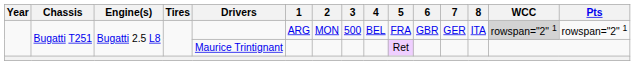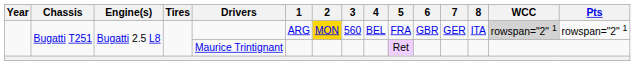 <table class="wikitable" style="text-align:center; font-size:85%;">
 <tr>
 <th>Year</th>
 <th>Chassis</th>
 <th>Engine(s)</th>
 <th>Tires</th>
 <th>Drivers</th>
 <th>1</th>
 <th>2</th>
 <th>3</th>
 <th>4</th>
 <th>5</th>
 <th>6</th>
 <th>7</th>
 <th>8</th>
 <th>WCC</th>
 <th><a href='#'>Pts</a></th>
 </tr>
 <tr>
 <td rowspan=2></td>
 <td rowspan=2><a href='#'>Bugatti</a> <a href='#'>T251</a></td>
 <td rowspan=2><a href='#'>Bugatti</a> 2.5 <a href='#'>L8</a></td>
 <td rowspan=2></td>
 <td></td>
 <td><a href='#'>ARG</a></td>
-<td><a href='#'>MON</a></td>
-<td><a href='#'>500</a></td>
+<td style="background: gold;"><a href='#'>MON</a></td>
+<td><a href='#'>560</a></td>
 <td><a href='#'>BEL</a></td>
 <td><a href='#'>FRA</a></td>
 <td><a href='#'>GBR</a></td>
 <td><a href='#'>GER</a></td>
 <td><a href='#'>ITA</a></td>
 <td style="background: lightgrey;">rowspan="2" <sup>1</sup></td>
 <td>rowspan="2" <sup>1</sup></td>
 </tr>
 <tr>
 <td align="left"> <a href='#'>Maurice Trintignant</a></td>
 <td></td>
 <td></td>
 <td></td>
 <td></td>
 <td style="background:#EFCFFF;">Ret</td>
 <td></td>
 <td></td>
 <td></td>
 </tr>
 <tr>
 <th colspan="15"></th>
 </tr>
 </table>
